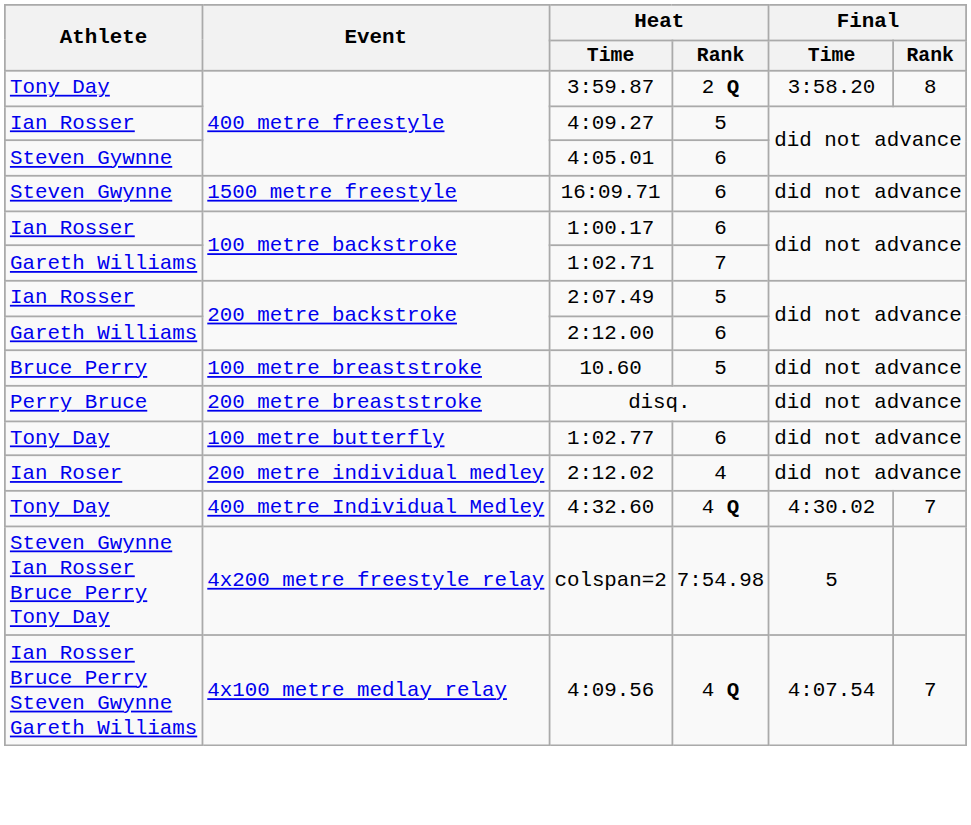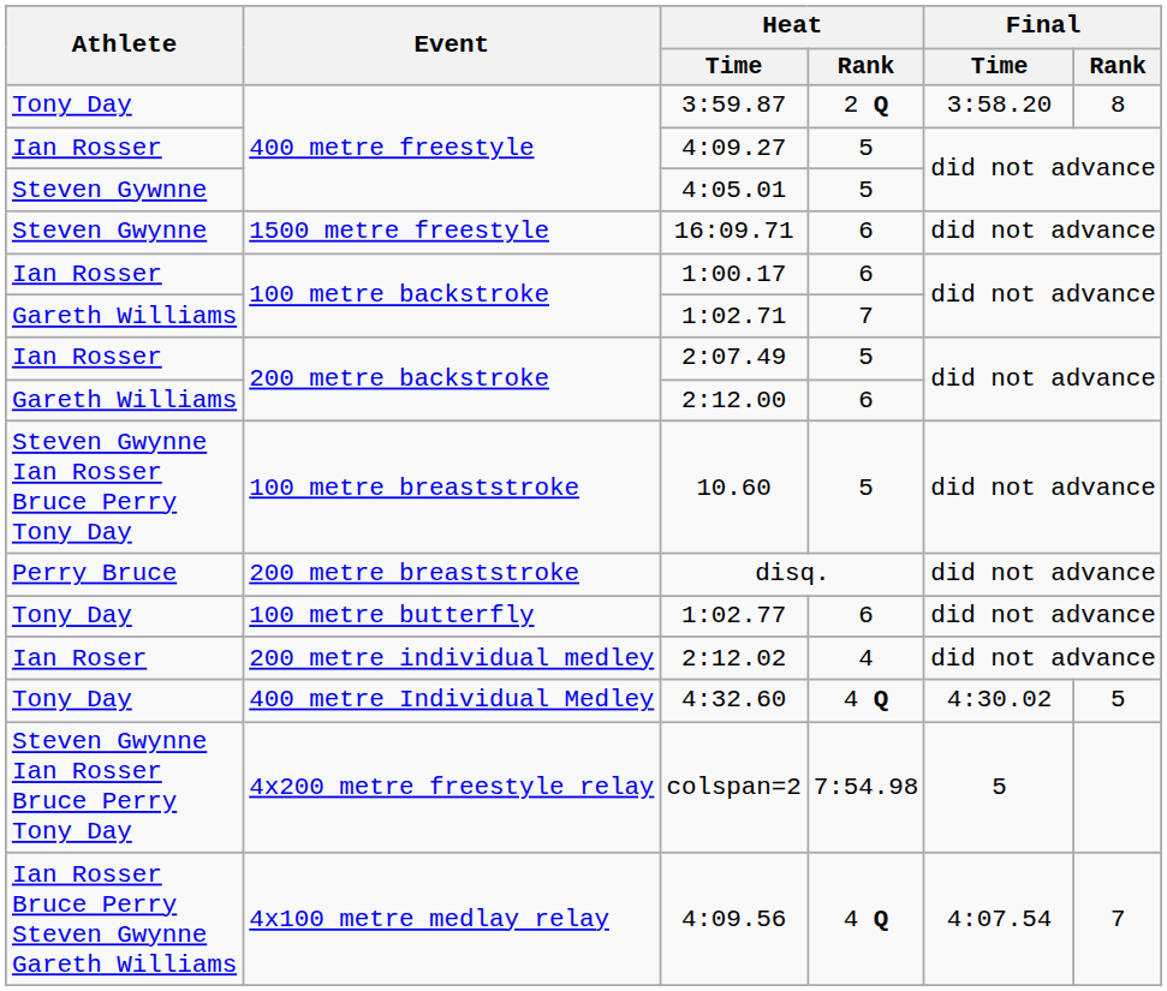 <table class=wikitable style=font-size:90%>
 <tr>
 <th rowspan=2>Athlete</th>
 <th rowspan=2>Event</th>
 <th colspan=2>Heat</th>
 <th colspan=2>Final</th>
 </tr>
 <tr style=font-size:95%>
 <th>Time</th>
 <th>Rank</th>
 <th>Time</th>
 <th>Rank</th>
 </tr>
 <tr align=center>
 <td align=left><a href='#'>Tony Day</a></td>
 <td align=left rowspan=3><a href='#'>400 metre freestyle</a></td>
 <td>3:59.87</td>
 <td>2 <strong>Q</strong></td>
 <td>3:58.20</td>
 <td>8</td>
 </tr>
 <tr align=center>
 <td align=left><a href='#'>Ian Rosser</a></td>
 <td>4:09.27</td>
 <td>5</td>
 <td colspan=2 rowspan=2>did not advance</td>
 </tr>
 <tr align=center>
 <td align=left><a href='#'>Steven Gywnne</a></td>
 <td>4:05.01</td>
-<td>6</td>
+<td>5</td>
 </tr>
 <tr align=center>
 <td align=left><a href='#'>Steven Gwynne</a></td>
 <td align=left><a href='#'>1500 metre freestyle</a></td>
 <td>16:09.71</td>
 <td>6</td>
 <td colspan=2>did not advance</td>
 </tr>
 <tr align=center>
 <td align=left><a href='#'>Ian Rosser</a></td>
 <td align=left rowspan=2><a href='#'>100 metre backstroke</a></td>
 <td>1:00.17</td>
 <td>6</td>
 <td colspan=2 rowspan=2>did not advance</td>
 </tr>
 <tr align=center>
 <td align=left><a href='#'>Gareth Williams</a></td>
 <td>1:02.71</td>
 <td>7</td>
 </tr>
 <tr align=center>
 <td align=left><a href='#'>Ian Rosser</a></td>
 <td align=left rowspan=2><a href='#'>200 metre backstroke</a></td>
 <td>2:07.49</td>
 <td>5</td>
 <td colspan=2 rowspan=2>did not advance</td>
 </tr>
 <tr align=center>
 <td align=left><a href='#'>Gareth Williams</a></td>
 <td>2:12.00</td>
 <td>6</td>
 </tr>
 <tr align=center>
-<td align=left><a href='#'>Bruce Perry</a></td>
+<td align=left><a href='#'>Steven Gwynne</a><br><a href='#'>Ian Rosser</a><br><a href='#'>Bruce Perry</a><br><a href='#'>Tony Day</a></td>
 <td align=left><a href='#'>100 metre breaststroke</a></td>
 <td>10.60</td>
 <td>5</td>
 <td colspan=2>did not advance</td>
 </tr>
 <tr align=center>
 <td align=left><a href='#'>Perry Bruce</a></td>
 <td align=left><a href='#'>200 metre breaststroke</a></td>
 <td colspan=2>disq.</td>
 <td colspan=2>did not advance</td>
 </tr>
 <tr align=center>
 <td align=left><a href='#'>Tony Day</a></td>
 <td align=left><a href='#'>100 metre butterfly</a></td>
 <td>1:02.77</td>
 <td>6</td>
 <td colspan=2>did not advance</td>
 </tr>
 <tr align=center>
 <td align=left><a href='#'>Ian Roser</a></td>
 <td align=left><a href='#'>200 metre individual medley</a></td>
 <td>2:12.02</td>
 <td>4</td>
 <td colspan=2>did not advance</td>
 </tr>
 <tr align=center>
 <td align=left><a href='#'>Tony Day</a></td>
 <td align=left><a href='#'>400 metre Individual Medley</a></td>
 <td>4:32.60</td>
 <td>4 <strong>Q</strong></td>
 <td>4:30.02</td>
-<td>7</td>
+<td>5</td>
 </tr>
 <tr align=center>
 <td align=left><a href='#'>Steven Gwynne</a><br><a href='#'>Ian Rosser</a><br><a href='#'>Bruce Perry</a><br><a href='#'>Tony Day</a></td>
 <td align=left><a href='#'>4x200 metre freestyle relay</a></td>
 <td>colspan=2 </td>
 <td>7:54.98</td>
 <td>5</td>
 </tr>
 <tr align=center>
 <td align=left><a href='#'>Ian Rosser</a><br><a href='#'>Bruce Perry</a><br><a href='#'>Steven Gwynne</a><br><a href='#'>Gareth Williams</a></td>
 <td align=left><a href='#'>4x100 metre medlay relay</a></td>
 <td>4:09.56</td>
 <td>4 <strong>Q</strong></td>
 <td>4:07.54</td>
 <td>7</td>
 </tr>
 </table>
